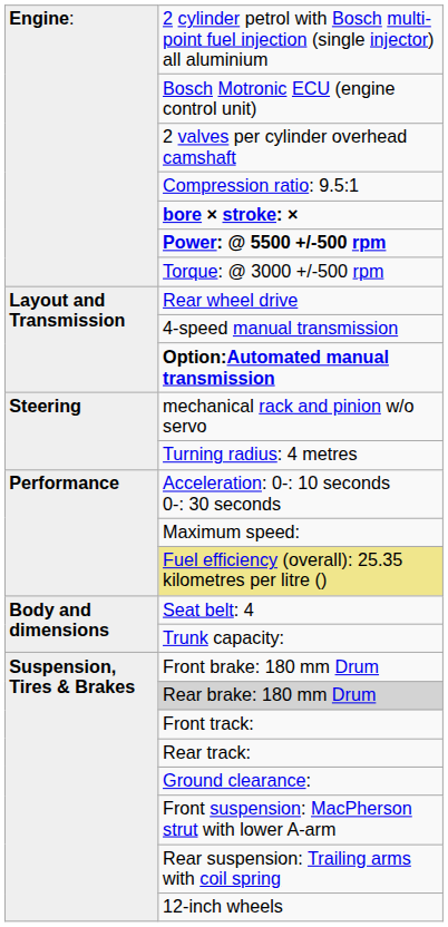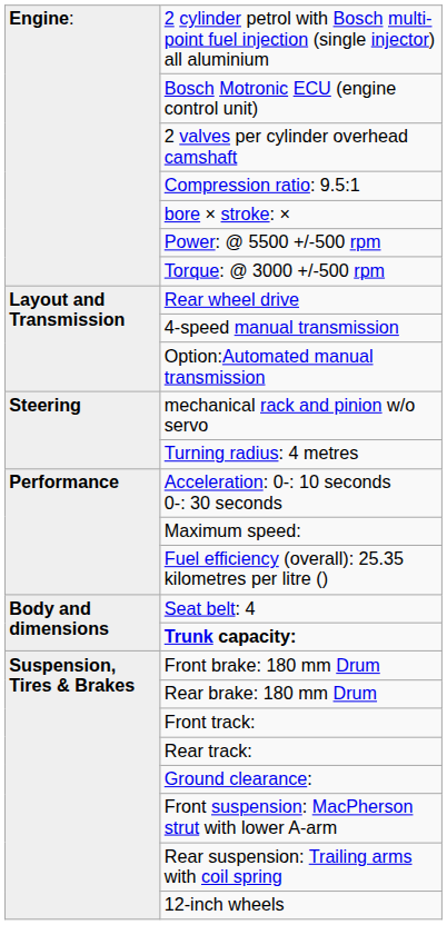 <table class="wikitable" style="float:left; width:390px;">
 <tr>
 <td rowspan="7" style="vertical-align:top; background:#efefef;"><strong>Engine</strong>:</td>
 <td><a href='#'>2</a> <a href='#'>cylinder</a> petrol with <a href='#'>Bosch</a> <a href='#'>multi-point fuel injection</a> (single <a href='#'>injector</a>) all aluminium  </td>
 </tr>
 <tr>
 <td><a href='#'>Bosch</a> <a href='#'>Motronic</a> <a href='#'>ECU</a> (engine control unit)</td>
 </tr>
 <tr>
 <td>2 <a href='#'>valves</a> per cylinder overhead <a href='#'>camshaft</a></td>
 </tr>
 <tr>
 <td><a href='#'>Compression ratio</a>: 9.5:1</td>
 </tr>
 <tr>
-<td><strong><a href='#'>bore</a> × <a href='#'>stroke</a>:  × </strong></td>
+<td><a href='#'>bore</a> × <a href='#'>stroke</a>:  × </td>
 </tr>
 <tr>
-<td><strong><a href='#'>Power</a>:  @ 5500 +/-500 <a href='#'>rpm</a></strong></td>
+<td><a href='#'>Power</a>:  @ 5500 +/-500 <a href='#'>rpm</a></td>
 </tr>
 <tr>
 <td><a href='#'>Torque</a>:  @ 3000 +/-500 <a href='#'>rpm</a></td>
 </tr>
 <tr>
 <td rowspan="3" style="vertical-align:top; background:#efefef;"><strong>Layout and Transmission</strong></td>
 <td><a href='#'>Rear wheel drive</a></td>
 </tr>
 <tr>
 <td>4-speed <a href='#'>manual transmission</a></td>
 </tr>
 <tr>
-<td><strong>Option:<a href='#'>Automated manual transmission</a></strong></td>
+<td>Option:<a href='#'>Automated manual transmission</a></td>
 </tr>
 <tr>
 <td rowspan="2" style="vertical-align:top; background:#efefef;"><strong>Steering</strong></td>
 <td>mechanical <a href='#'>rack and pinion</a> w/o servo</td>
 </tr>
 <tr>
 <td><a href='#'>Turning radius</a>: 4 metres</td>
 </tr>
 <tr>
 <td rowspan="3" style="vertical-align:top; background:#efefef;"><strong>Performance</strong></td>
 <td><a href='#'>Acceleration</a>: 0-: 10 seconds<br>0-: 30 seconds</td>
 </tr>
 <tr>
 <td>Maximum speed: </td>
 </tr>
 <tr>
-<td style="background: khaki;"><a href='#'>Fuel efficiency</a> (overall): 25.35 kilometres per litre ()</td>
+<td><a href='#'>Fuel efficiency</a> (overall): 25.35 kilometres per litre ()</td>
 </tr>
 <tr>
 <td rowspan="2" style="vertical-align:top; background:#efefef;"><strong>Body and dimensions</strong></td>
 <td><a href='#'>Seat belt</a>: 4</td>
 </tr>
 <tr>
-<td><a href='#'>Trunk</a> capacity: </td>
+<td><strong><a href='#'>Trunk</a> capacity: </strong></td>
 </tr>
 <tr>
 <td rowspan="8" style="vertical-align:top; background:#efefef;"><strong>Suspension, Tires & Brakes</strong></td>
 <td>Front brake: 180 mm <a href='#'>Drum</a></td>
 </tr>
 <tr>
-<td style="background: lightgrey;">Rear brake: 180 mm <a href='#'>Drum</a></td>
+<td>Rear brake: 180 mm <a href='#'>Drum</a></td>
 </tr>
 <tr>
 <td>Front track: </td>
 </tr>
 <tr>
 <td>Rear track: </td>
 </tr>
 <tr>
 <td><a href='#'>Ground clearance</a>: </td>
 </tr>
 <tr>
 <td>Front <a href='#'>suspension</a>: <a href='#'>MacPherson strut</a> with lower A-arm</td>
 </tr>
 <tr>
 <td>Rear suspension: <a href='#'>Trailing arms</a> with <a href='#'>coil spring</a></td>
 </tr>
 <tr>
 <td>12-inch wheels</td>
 </tr>
 </table>
